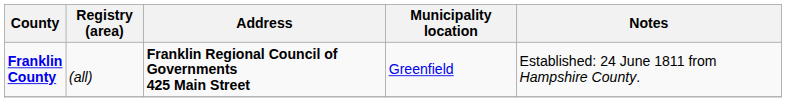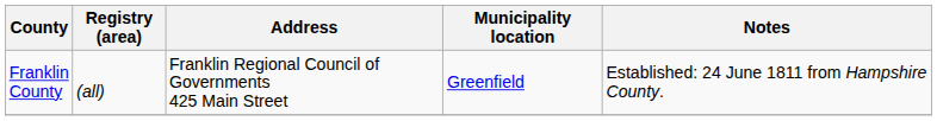 <table class="wikitable" width="100%">
 <tr>
 <th style="width:6%">County</th>
 <th style="width:10%">Registry (area)</th>
 <th>Address</th>
 <th>Municipality location</th>
 <th>Notes</th>
 </tr>
 <tr>
-<td><strong><a href='#'>Franklin County</a></strong></td>
+<td><a href='#'>Franklin County</a></td>
 <td><br><em>(all)</em></td>
-<td><strong>Franklin Regional Council of Governments<br>425 Main Street</strong></td>
+<td>Franklin Regional Council of Governments<br>425 Main Street</td>
 <td><a href='#'>Greenfield</a></td>
 <td>Established: 24 June 1811 from <em>Hampshire County</em>.</td>
 </tr>
 <tr>
 </tr>
 </table>
